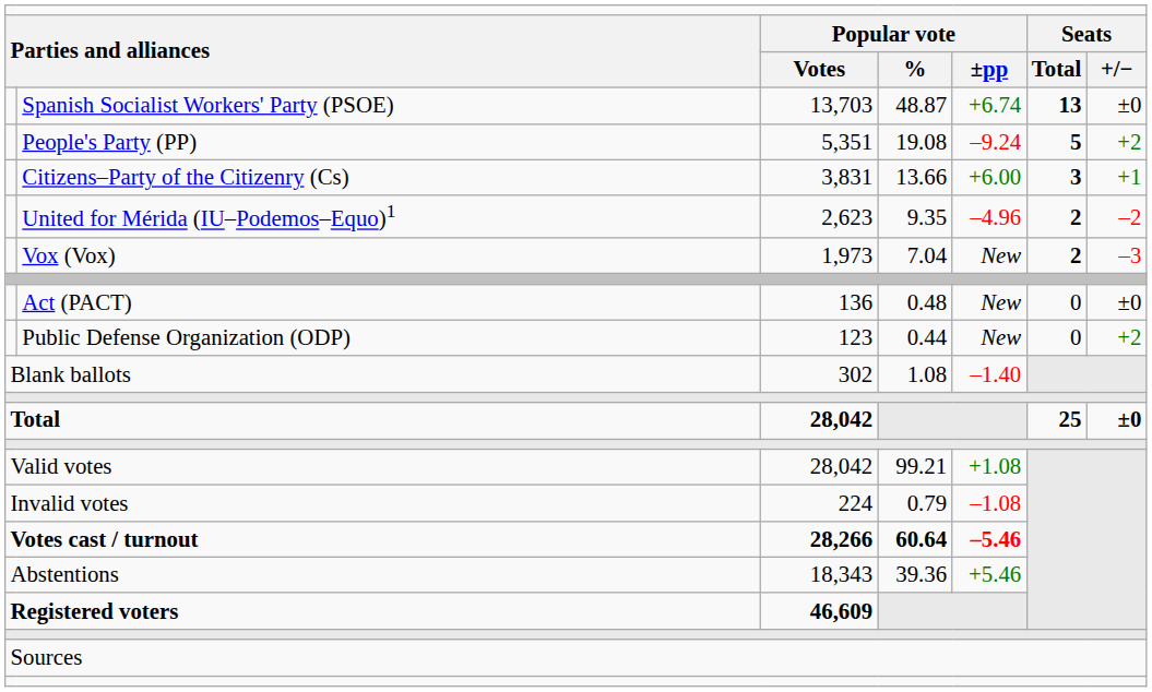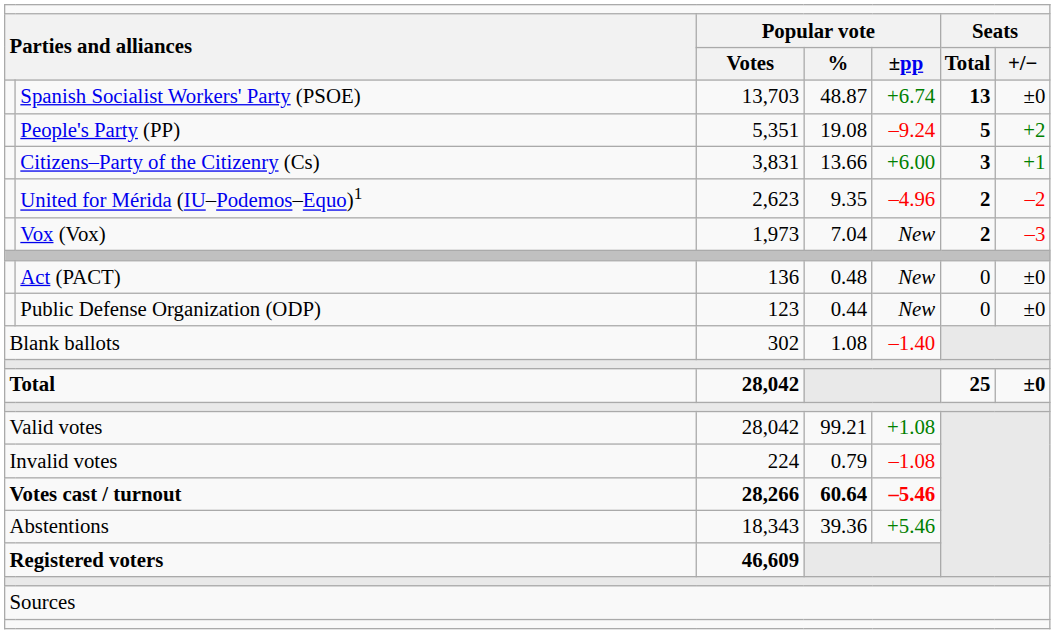 <table class="wikitable" style="text-align:right;">
 <tr>
 <td colspan="7"></td>
 </tr>
 <tr>
 <th style="text-align:left;" rowspan="2" colspan="2" width="525">Parties and alliances</th>
 <th colspan="3">Popular vote</th>
 <th colspan="2">Seats</th>
 </tr>
 <tr>
 <th width="75">Votes</th>
 <th width="45">%</th>
 <th width="45">±<a href='#'>pp</a></th>
 <th width="35">Total</th>
 <th width="35">+/−</th>
 </tr>
 <tr>
 <td width="1" style="color:inherit;background:"></td>
 <td align="left"><a href='#'>Spanish Socialist Workers' Party</a> (PSOE)</td>
 <td>13,703</td>
 <td>48.87</td>
 <td style="color:green;">+6.74</td>
 <td><strong>13</strong></td>
 <td>±0</td>
 </tr>
 <tr>
 <td style="color:inherit;background:"></td>
 <td align="left"><a href='#'>People's Party</a> (PP)</td>
 <td>5,351</td>
 <td>19.08</td>
 <td style="color:red;">–9.24</td>
 <td><strong>5</strong></td>
 <td style="color:green;">+2</td>
 </tr>
 <tr>
 <td style="color:inherit;background:"></td>
 <td align="left"><a href='#'>Citizens–Party of the Citizenry</a> (Cs)</td>
 <td>3,831</td>
 <td>13.66</td>
 <td style="color:green;">+6.00</td>
 <td><strong>3</strong></td>
 <td style="color:green;">+1</td>
 </tr>
 <tr>
 <td style="color:inherit;background:"></td>
 <td align="left"><a href='#'>United for Mérida</a> (<a href='#'>IU</a>–<a href='#'>Podemos</a>–<a href='#'>Equo</a>)<sup>1</sup></td>
 <td>2,623</td>
 <td>9.35</td>
 <td style="color:red;">–4.96</td>
 <td><strong>2</strong></td>
 <td style="color:red;">–2</td>
 </tr>
 <tr>
 <td style="color:inherit;background:"></td>
 <td align="left"><a href='#'>Vox</a> (Vox)</td>
 <td>1,973</td>
 <td>7.04</td>
 <td><em>New</em></td>
 <td><strong>2</strong></td>
 <td style="color:red;">–3</td>
 </tr>
 <tr>
 <td colspan="7" bgcolor="#C0C0C0"></td>
 </tr>
 <tr>
 <td style="color:inherit;background:"></td>
 <td align="left"><a href='#'>Act</a> (PACT)</td>
 <td>136</td>
 <td>0.48</td>
 <td><em>New</em></td>
 <td>0</td>
 <td>±0</td>
 </tr>
 <tr>
 <td style="color:inherit;background:"></td>
 <td align="left">Public Defense Organization (ODP)</td>
 <td>123</td>
 <td>0.44</td>
 <td><em>New</em></td>
 <td>0</td>
-<td style="color:green;">+2</td>
+<td>±0</td>
 </tr>
 <tr>
 <td align="left" colspan="2">Blank ballots</td>
 <td>302</td>
 <td>1.08</td>
 <td style="color:red;">–1.40</td>
 <td bgcolor="#E9E9E9" colspan="2"></td>
 </tr>
 <tr>
 <td colspan="7" bgcolor="#E9E9E9"></td>
 </tr>
 <tr style="font-weight:bold;">
 <td align="left" colspan="2">Total</td>
 <td>28,042</td>
 <td bgcolor="#E9E9E9" colspan="2"></td>
 <td>25</td>
 <td>±0</td>
 </tr>
 <tr>
 <td colspan="7" bgcolor="#E9E9E9"></td>
 </tr>
 <tr>
 <td align="left" colspan="2">Valid votes</td>
 <td>28,042</td>
 <td>99.21</td>
 <td style="color:green;">+1.08</td>
 <td bgcolor="#E9E9E9" colspan="2" rowspan="5"></td>
 </tr>
 <tr>
 <td align="left" colspan="2">Invalid votes</td>
 <td>224</td>
 <td>0.79</td>
 <td style="color:red;">–1.08</td>
 </tr>
 <tr style="font-weight:bold;">
 <td align="left" colspan="2">Votes cast / turnout</td>
 <td>28,266</td>
 <td>60.64</td>
 <td style="color:red;">–5.46</td>
 </tr>
 <tr>
 <td align="left" colspan="2">Abstentions</td>
 <td>18,343</td>
 <td>39.36</td>
 <td style="color:green;">+5.46</td>
 </tr>
 <tr style="font-weight:bold;">
 <td align="left" colspan="2">Registered voters</td>
 <td>46,609</td>
 <td bgcolor="#E9E9E9" colspan="2"></td>
 </tr>
 <tr>
 <td colspan="7" bgcolor="#E9E9E9"></td>
 </tr>
 <tr>
 <td align="left" colspan="7">Sources</td>
 </tr>
 <tr>
 <td colspan="7" style="text-align:left; max-width:790px;"></td>
 </tr>
 </table>
